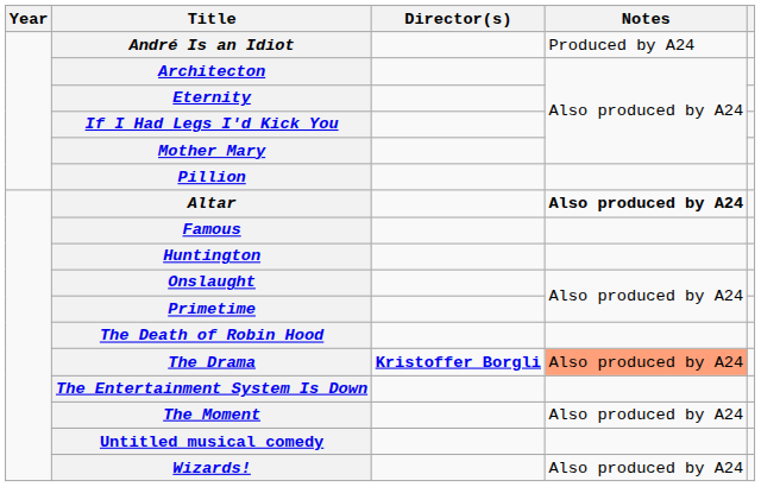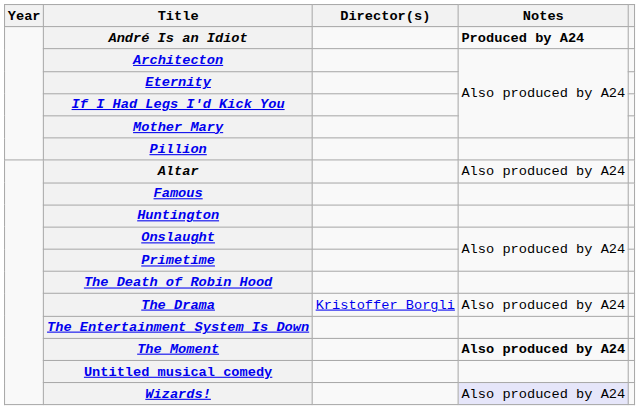 <table class="wikitable sortable plainrowheaders" style="text-align: center;">
 <tr>
 <th scope=col>Year</th>
 <th scope=col>Title</th>
 <th scope=col>Director(s)</th>
 <th scope=col class="unsortable">Notes</th>
 <th scope=col class="unsortable"></th>
 </tr>
 <tr>
 <td rowspan="6"></td>
 <th scope="row"><em>André Is an Idiot</em></th>
 <td></td>
-<td style="text-align:left;">Produced by A24</td>
+<td style="text-align:left;"><strong>Produced by A24</strong></td>
 <td></td>
 </tr>
 <tr>
 <th scope="row"><em><a href='#'>Architecton</a></em></th>
 <td></td>
 <td rowspan="4" style="text-align:left;">Also produced by A24</td>
 <td></td>
 </tr>
 <tr>
 <th scope="row"><em><a href='#'>Eternity</a></em></th>
 <td></td>
 <td></td>
 </tr>
 <tr>
 <th scope="row"><em><a href='#'>If I Had Legs I'd Kick You</a></em></th>
 <td></td>
 <td></td>
 </tr>
 <tr>
 <th scope="row"><em><a href='#'>Mother Mary</a></em></th>
 <td></td>
 <td></td>
 </tr>
 <tr>
 <th scope="row"><em><a href='#'>Pillion</a></em></th>
 <td></td>
 <td></td>
 <td></td>
 </tr>
 <tr>
 <td rowspan="12"></td>
 <th scope="row"><em>Altar</em></th>
 <td></td>
-<td style="text-align:left;"><strong>Also produced by A24</strong></td>
+<td style="text-align:left;">Also produced by A24</td>
 <td></td>
 </tr>
 <tr>
 <th scope="row"><em><a href='#'>Famous</a></em></th>
 <td></td>
 <td></td>
 <td></td>
 </tr>
 <tr>
 <th scope="row"><em><a href='#'>Huntington</a></em></th>
 <td></td>
 <td></td>
 <td></td>
 </tr>
 <tr>
 <th scope="row"><em><a href='#'>Onslaught</a></em></th>
 <td></td>
 <td rowspan="2" style="text-align:left;">Also produced by A24</td>
 <td></td>
 </tr>
 <tr>
 <th scope="row"><em><a href='#'>Primetime</a></em></th>
 <td></td>
 <td></td>
 </tr>
 <tr>
 <th scope="row"><em><a href='#'>The Death of Robin Hood</a></em></th>
 <td></td>
 <td></td>
 <td></td>
 </tr>
 <tr>
 <th scope="row"><em><a href='#'>The Drama</a></em></th>
-<td><strong><a href='#'>Kristoffer Borgli</a></strong></td>
-<td style="background: lightsalmon; text-align:left;">Also produced by A24</td>
+<td><a href='#'>Kristoffer Borgli</a></td>
+<td style="text-align:left;">Also produced by A24</td>
 <td></td>
 </tr>
 <tr>
 <th scope="row"><em><a href='#'>The Entertainment System Is Down</a></em></th>
 <td></td>
 <td></td>
 <td></td>
 </tr>
 <tr>
 <th scope="row"><em><a href='#'>The Moment</a></em></th>
 <td></td>
-<td style="text-align:left;">Also produced by A24</td>
+<td style="text-align:left;"><strong>Also produced by A24</strong></td>
 <td></td>
 </tr>
 <tr>
 <th scope="row"><a href='#'>Untitled musical comedy</a></th>
 <td></td>
 <td></td>
 <td></td>
 </tr>
 <tr>
 <th scope="row"><em><a href='#'>Wizards!</a></em></th>
 <td></td>
-<td style="text-align:left;">Also produced by A24</td>
+<td style="background: lavender; text-align:left;">Also produced by A24</td>
 <td></td>
 </tr>
 </table>
